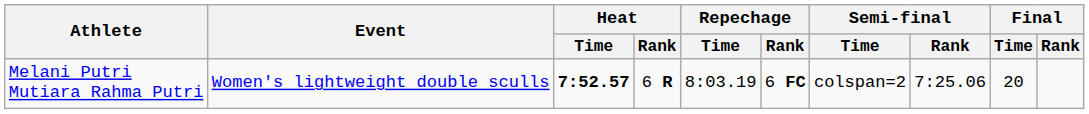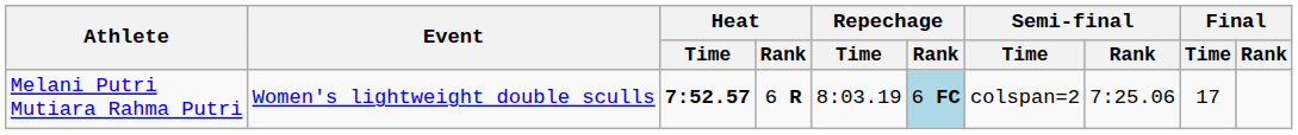 <table class="wikitable" style="font-size:90%">
 <tr>
 <th rowspan="2">Athlete</th>
 <th rowspan="2">Event</th>
 <th colspan="2">Heat</th>
 <th colspan="2">Repechage</th>
 <th colspan="2">Semi-final</th>
 <th colspan="2">Final</th>
 </tr>
 <tr style="font-size:95%">
 <th>Time</th>
 <th>Rank</th>
 <th>Time</th>
 <th>Rank</th>
 <th>Time</th>
 <th>Rank</th>
 <th>Time</th>
 <th>Rank</th>
 </tr>
 <tr align=center>
 <td align=left><a href='#'>Melani Putri</a><br><a href='#'>Mutiara Rahma Putri</a></td>
 <td align=left><a href='#'>Women's lightweight double sculls</a></td>
 <td><strong>7:52.57</strong></td>
 <td>6 <strong>R</strong></td>
 <td>8:03.19</td>
-<td>6 <strong>FC</strong></td>
+<td style="background: lightblue;">6 <strong>FC</strong></td>
 <td>colspan=2 </td>
 <td>7:25.06</td>
-<td>20</td>
+<td>17</td>
 </tr>
 </table>
